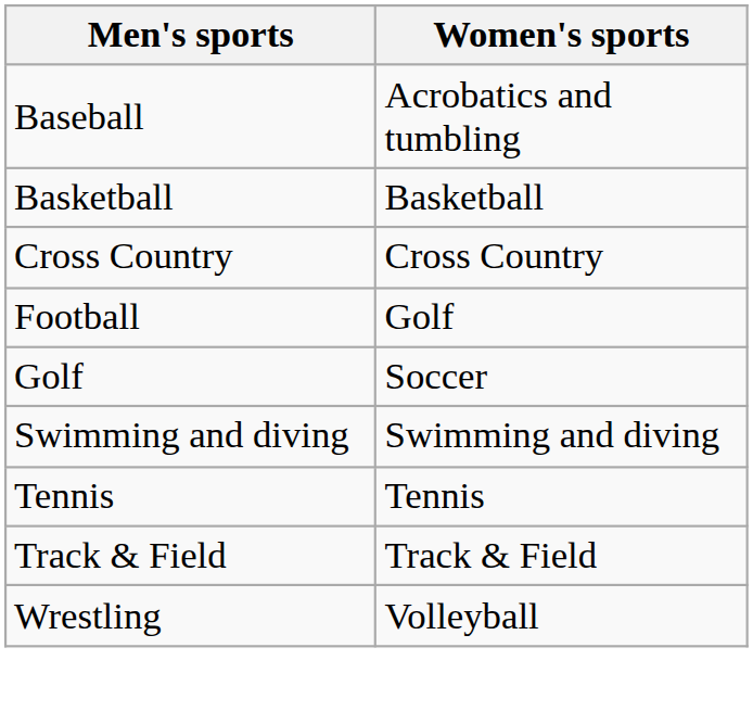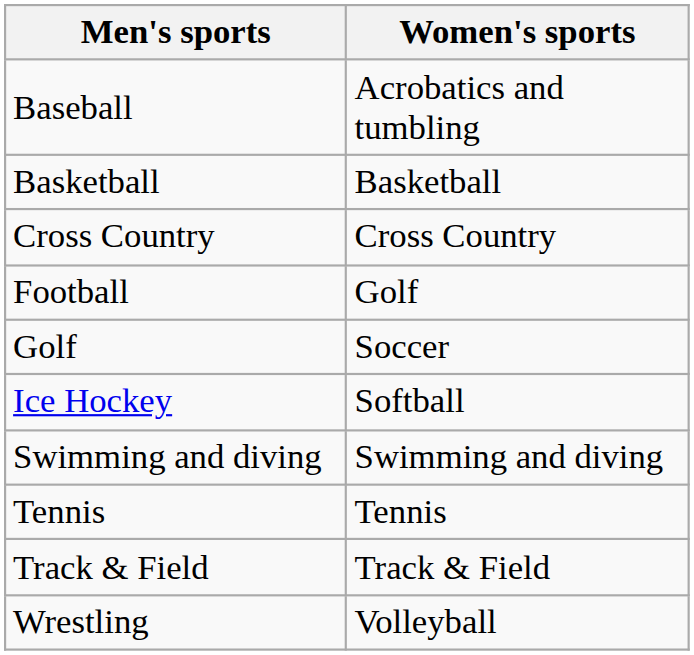 <table class= wikitable>
 <tr>
 <th width=150px>Men's sports</th>
 <th width=150px>Women's sports</th>
 </tr>
 <tr>
 <td>Baseball</td>
 <td>Acrobatics and tumbling</td>
 </tr>
 <tr>
 <td>Basketball</td>
 <td>Basketball</td>
 </tr>
 <tr>
 <td>Cross Country</td>
 <td>Cross Country</td>
 </tr>
 <tr>
 <td>Football</td>
 <td>Golf</td>
 </tr>
 <tr>
 <td>Golf</td>
 <td>Soccer</td>
 </tr>
 <tr>
+<td><a href='#'>Ice Hockey</a></td>
+<td>Softball</td>
+</tr>
+<tr>
 <td>Swimming and diving</td>
 <td>Swimming and diving</td>
 </tr>
 <tr>
 <td>Tennis</td>
 <td>Tennis</td>
 </tr>
 <tr>
 <td>Track & Field</td>
 <td>Track & Field</td>
 </tr>
 <tr>
 <td>Wrestling</td>
 <td>Volleyball</td>
 </tr>
 </table>
